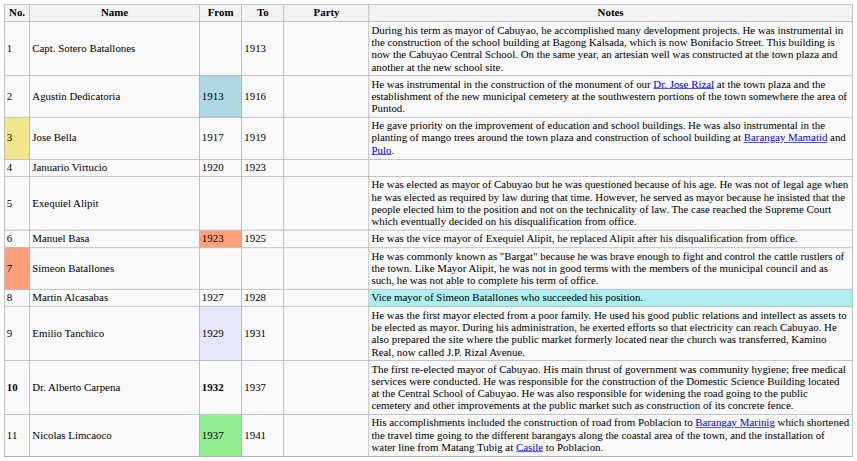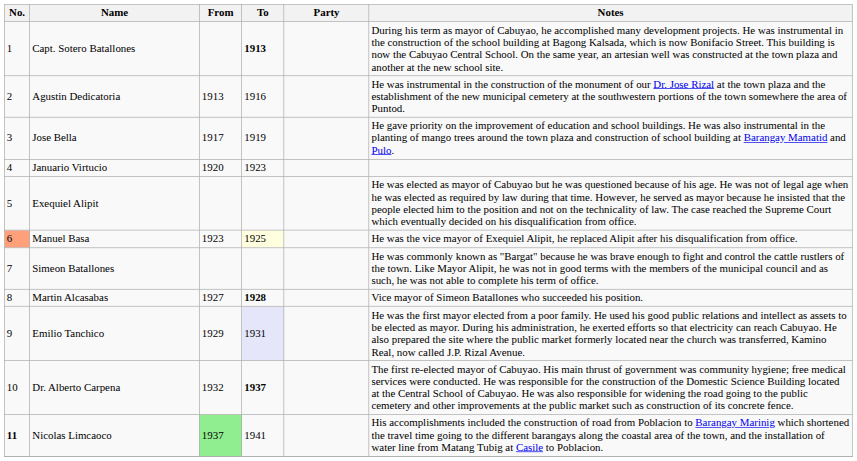 <table class="wikitable" style="float:center; ">
 <tr>
 <th width="3%">No.</th>
 <th width="20%">Name</th>
 <th width="5%" align="center">From</th>
 <th width="5%">To</th>
 <th width="10%">Party</th>
 <th>Notes</th>
 </tr>
 <tr>
 <td>1</td>
 <td>Capt. Sotero Batallones</td>
 <td></td>
-<td>1913</td>
+<td><strong>1913</strong></td>
 <td></td>
 <td>During his term as mayor of Cabuyao, he accomplished many development projects. He was instrumental in the construction of the school building at Bagong Kalsada, which is now Bonifacio Street. This building is now the Cabuyao Central School. On the same year, an artesian well was constructed at the town plaza and another at the new school site.</td>
 </tr>
 <tr>
 <td>2</td>
 <td>Agustin Dedicatoria</td>
-<td style="background: lightblue;">1913</td>
+<td>1913</td>
 <td>1916</td>
 <td></td>
 <td>He was instrumental in the construction of the monument of our <a href='#'>Dr. Jose Rizal</a> at the town plaza and the establishment of the new municipal cemetery at the southwestern portions of the town somewhere the area of Puntod.</td>
 </tr>
 <tr>
-<td style="background: khaki;">3</td>
+<td>3</td>
 <td>Jose Bella</td>
 <td>1917</td>
 <td>1919</td>
 <td></td>
 <td>He gave priority on the improvement of education and school buildings. He was also instrumental in the planting of mango trees around the town plaza and construction of school building at <a href='#'>Barangay Mamatid</a> and <a href='#'>Pulo</a>.</td>
 </tr>
 <tr>
 <td>4</td>
 <td>Januario Virtucio</td>
 <td>1920</td>
 <td>1923</td>
 <td></td>
 <td></td>
 </tr>
 <tr>
 <td>5</td>
 <td>Exequiel Alipit</td>
 <td></td>
 <td></td>
 <td></td>
 <td>He was elected as mayor of Cabuyao but he was questioned because of his age. He was not of legal age when he was elected as required by law during that time. However, he served as mayor because he insisted that the people elected him to the position and not on the technicality of law. The case reached the Supreme Court which eventually decided on his disqualification from office.</td>
 </tr>
 <tr>
-<td>6</td>
+<td style="background: lightsalmon;">6</td>
 <td>Manuel Basa</td>
-<td style="background: lightsalmon;">1923</td>
-<td>1925</td>
+<td>1923</td>
+<td style="background: lightyellow;">1925</td>
 <td></td>
 <td>He was the vice mayor of Exequiel Alipit, he replaced Alipit after his disqualification from office.</td>
 </tr>
 <tr>
-<td style="background: lightsalmon;">7</td>
+<td>7</td>
 <td>Simeon Batallones</td>
 <td></td>
 <td></td>
 <td></td>
 <td>He was commonly known as "Bargat" because he was brave enough to fight and control the cattle rustlers of the town. Like Mayor Alipit, he was not in good terms with the members of the municipal council and as such, he was not able to complete his term of office.</td>
 </tr>
 <tr>
 <td>8</td>
 <td>Martin Alcasabas</td>
 <td>1927</td>
-<td>1928</td>
+<td><strong>1928</strong></td>
 <td></td>
-<td style="background: paleturquoise;">Vice mayor of Simeon Batallones who succeeded his position.</td>
+<td>Vice mayor of Simeon Batallones who succeeded his position.</td>
 </tr>
 <tr>
 <td>9</td>
 <td>Emilio Tanchico</td>
-<td style="background: lavender;">1929</td>
-<td>1931</td>
+<td>1929</td>
+<td style="background: lavender;">1931</td>
 <td></td>
 <td>He was the first mayor elected from a poor family. He used his good public relations and intellect as assets to be elected as mayor. During his administration, he exerted efforts so that electricity can reach Cabuyao. He also prepared the site where the public market formerly located near the church was transferred, Kamino Real, now called J.P. Rizal Avenue.</td>
 </tr>
 <tr>
-<td><strong>10</strong></td>
+<td>10</td>
 <td>Dr. Alberto Carpena</td>
-<td><strong>1932</strong></td>
-<td>1937</td>
+<td>1932</td>
+<td><strong>1937</strong></td>
 <td></td>
 <td>The first re-elected mayor of Cabuyao. His main thrust of government was community hygiene; free medical services were conducted. He was responsible for the construction of the Domestic Science Building located at the Central School of Cabuyao. He was also responsible for widening the road going to the public cemetery and other improvements at the public market such as construction of its concrete fence.</td>
 </tr>
 <tr>
-<td>11</td>
+<td><strong>11</strong></td>
 <td>Nicolas Limcaoco</td>
 <td style="background: lightgreen;">1937</td>
 <td>1941</td>
 <td></td>
 <td>His accomplishments included the construction of road from Poblacion to <a href='#'>Barangay Marinig</a> which shortened the travel time going to the different barangays along the coastal area of the town, and the installation of water line from Matang Tubig at <a href='#'>Casile</a> to Poblacion.</td>
 </tr>
 <tr>
 </tr>
 </table>
